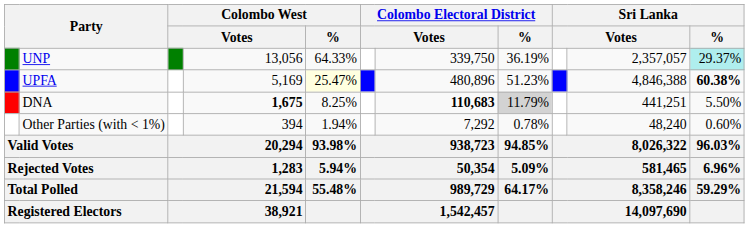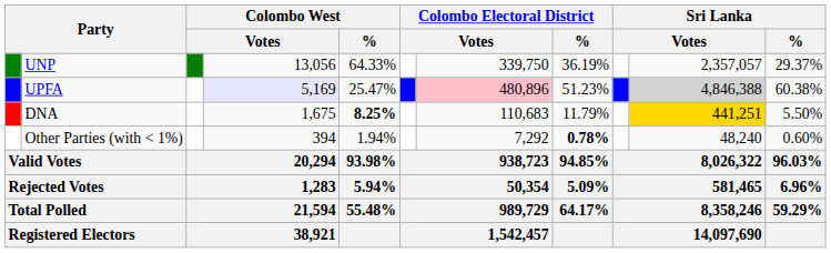 <table class="wikitable">
 <tr>
 <th colspan="2" width="144px"rowspan="2">Party</th>
 <th colspan="3" width="216px">Colombo West</th>
 <th colspan="3" width="216px"><a href='#'>Colombo Electoral District</a></th>
 <th colspan="3" width="216px">Sri Lanka</th>
 </tr>
 <tr>
 <th colspan="2" width="144px">Votes</th>
 <th>%</th>
 <th colspan="2" width="144px">Votes</th>
 <th>%</th>
 <th colspan="2" width="144px">Votes</th>
 <th>%</th>
 </tr>
 <tr>
 <td style="background-color:green;" width="10px"></td>
 <td style="text-align:left;"><a href='#'>UNP</a></td>
 <td style="background-color:green;" width="10px"></td>
 <td style="text-align:right;">13,056</td>
 <td style="text-align:right;">64.33%</td>
 <td style="background-color:white;" width="10px"></td>
 <td style="text-align:right;">339,750</td>
 <td style="text-align:right;">36.19%</td>
 <td style="background-color:white;" width="10px"></td>
 <td style="text-align:right;">2,357,057</td>
-<td style="background: paleturquoise; text-align:right;">29.37%</td>
+<td style="text-align:right;">29.37%</td>
 </tr>
 <tr>
 <td style="background-color:blue;" width="10px"></td>
 <td style="text-align:left;"><a href='#'>UPFA</a></td>
 <td style="background-color:white;" width="10px"></td>
-<td style="text-align:right;">5,169</td>
-<td style="background: lightyellow; text-align:right;">25.47%</td>
+<td style="background: lavender; text-align:right;">5,169</td>
+<td style="text-align:right;">25.47%</td>
 <td style="background-color:blue;" width="10px"></td>
-<td style="text-align:right;">480,896</td>
+<td style="background: pink; text-align:right;">480,896</td>
 <td style="text-align:right;">51.23%</td>
 <td style="background-color:blue;" width="10px"></td>
-<td style="text-align:right;">4,846,388</td>
-<td style="text-align:right;"><strong>60.38%</strong></td>
+<td style="background: lightgrey; text-align:right;">4,846,388</td>
+<td style="text-align:right;">60.38%</td>
 </tr>
 <tr>
 <td style="background-color:red;" width="10px"></td>
 <td style="text-align:left;">DNA</td>
 <td style="background-color:white;" width="10px"></td>
-<td style="text-align:right;"><strong>1,675</strong></td>
-<td style="text-align:right;">8.25%</td>
+<td style="text-align:right;">1,675</td>
+<td style="text-align:right;"><strong>8.25%</strong></td>
 <td style="background-color:white;" width="10px"></td>
-<td style="text-align:right;"><strong>110,683</strong></td>
-<td style="background: lightgrey; text-align:right;">11.79%</td>
+<td style="text-align:right;">110,683</td>
+<td style="text-align:right;">11.79%</td>
 <td style="background-color:white;" width="10px"></td>
-<td style="text-align:right;">441,251</td>
+<td style="background: gold; text-align:right;">441,251</td>
 <td style="text-align:right;">5.50%</td>
 </tr>
 <tr>
 <td style="background-color:white;" width="10px"></td>
 <td style="text-align:left;">Other Parties (with < 1%)</td>
 <td style="background-color:white;" width="10px"></td>
 <td style="text-align:right;">394</td>
 <td style="text-align:right;">1.94%</td>
 <td style="background-color:white;" width="10px"></td>
 <td style="text-align:right;">7,292</td>
-<td style="text-align:right;">0.78%</td>
+<td style="text-align:right;"><strong>0.78%</strong></td>
 <td style="background-color:white;" width="10px"></td>
 <td style="text-align:right;">48,240</td>
 <td style="text-align:right;">0.60%</td>
 </tr>
 <tr>
 <th colspan="2" width="144px"style="text-align:left;">Valid Votes</th>
 <th style="text-align:right;"colspan="2" width="144px">20,294</th>
 <th style="text-align:right;">93.98%</th>
 <th style="text-align:right;"colspan="2" width="144px">938,723</th>
 <th style="text-align:right;">94.85%</th>
 <th style="text-align:right;"colspan="2" width="144px">8,026,322</th>
 <th style="text-align:right;">96.03%</th>
 </tr>
 <tr>
 <th colspan="2" width="144px"style="text-align:left;">Rejected Votes</th>
 <th style="text-align:right;"colspan="2" width="144px">1,283</th>
 <th style="text-align:right;">5.94%</th>
 <th style="text-align:right;"colspan="2" width="144px">50,354</th>
 <th style="text-align:right;">5.09%</th>
 <th style="text-align:right;"colspan="2" width="144px">581,465</th>
 <th style="text-align:right;">6.96%</th>
 </tr>
 <tr>
 <th colspan="2" width="144px"style="text-align:left;">Total Polled</th>
 <th style="text-align:right;"colspan="2" width="144px">21,594</th>
 <th style="text-align:right;">55.48%</th>
 <th style="text-align:right;"colspan="2" width="144px">989,729</th>
 <th style="text-align:right;">64.17%</th>
 <th style="text-align:right;"colspan="2" width="144px">8,358,246</th>
 <th style="text-align:right;">59.29%</th>
 </tr>
 <tr>
 <th colspan="2" width="144px"style="text-align:left;">Registered Electors</th>
 <th style="text-align:right;"colspan="2" width="144px">38,921</th>
 <th></th>
 <th style="text-align:right;"colspan="2" width="144px">1,542,457</th>
 <th></th>
 <th style="text-align:right;"colspan="2" width="144px">14,097,690</th>
 <th></th>
 </tr>
 </table>
